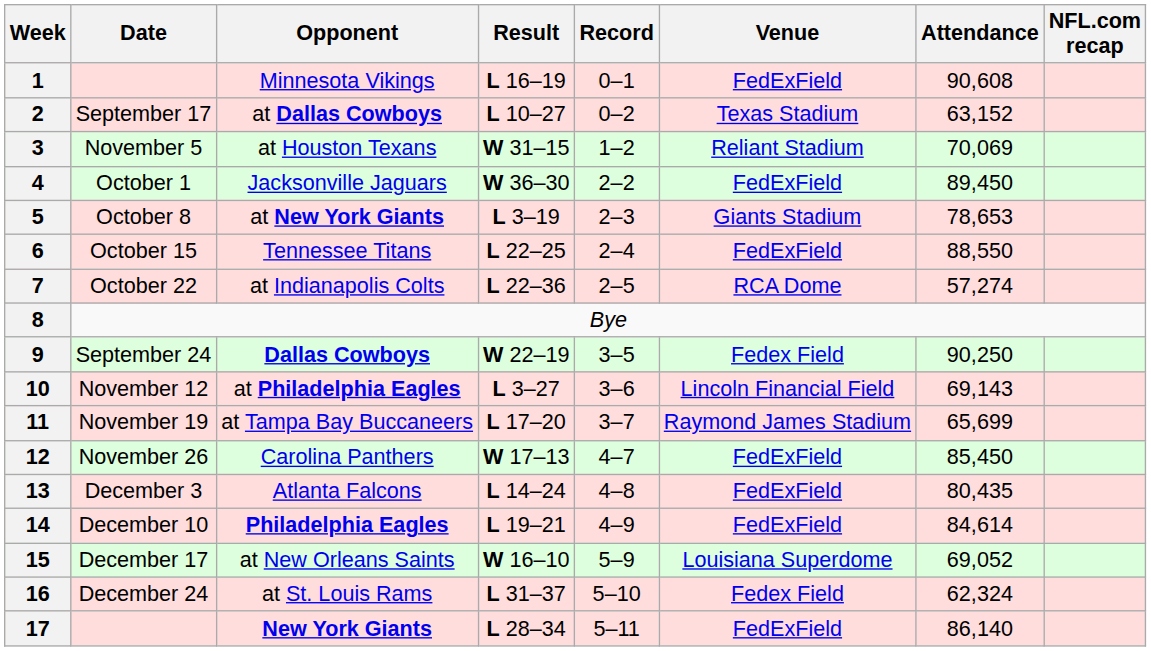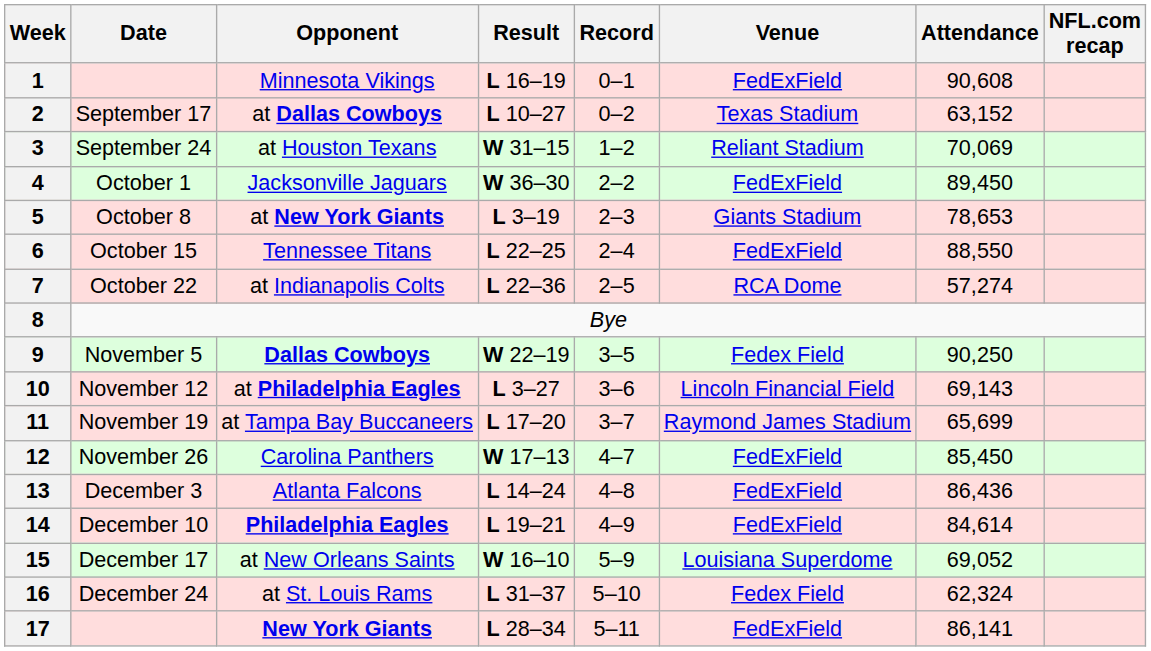 <table class="wikitable" style="text-align:center">
 <tr>
 <th>Week</th>
 <th>Date</th>
 <th>Opponent</th>
 <th>Result</th>
 <th>Record</th>
 <th>Venue</th>
 <th>Attendance</th>
 <th>NFL.com<br>recap</th>
 </tr>
 <tr style="background:#ffdddd">
 <th>1</th>
 <td></td>
 <td><a href='#'>Minnesota Vikings</a></td>
 <td><strong>L</strong> 16–19</td>
 <td>0–1</td>
 <td><a href='#'>FedExField</a></td>
 <td>90,608</td>
 <td></td>
 </tr>
 <tr style="background:#ffdddd">
 <th>2</th>
 <td>September 17</td>
 <td>at <strong><a href='#'>Dallas Cowboys</a></strong></td>
 <td><strong>L</strong> 10–27</td>
 <td>0–2</td>
 <td><a href='#'>Texas Stadium</a></td>
 <td>63,152</td>
 <td></td>
 </tr>
 <tr style="background:#ddffdd">
 <th>3</th>
-<td>November 5</td>
+<td>September 24</td>
 <td>at <a href='#'>Houston Texans</a></td>
 <td><strong>W</strong> 31–15</td>
 <td>1–2</td>
 <td><a href='#'>Reliant Stadium</a></td>
 <td>70,069</td>
 <td></td>
 </tr>
 <tr style="background:#ddffdd">
 <th>4</th>
 <td>October 1</td>
 <td><a href='#'>Jacksonville Jaguars</a></td>
 <td><strong>W</strong> 36–30 </td>
 <td>2–2</td>
 <td><a href='#'>FedExField</a></td>
 <td>89,450</td>
 <td></td>
 </tr>
 <tr style="background:#ffdddd">
 <th>5</th>
 <td>October 8</td>
 <td>at <strong><a href='#'>New York Giants</a></strong></td>
 <td><strong>L</strong> 3–19</td>
 <td>2–3</td>
 <td><a href='#'>Giants Stadium</a></td>
 <td>78,653</td>
 <td></td>
 </tr>
 <tr style="background:#ffdddd">
 <th>6</th>
 <td>October 15</td>
 <td><a href='#'>Tennessee Titans</a></td>
 <td><strong>L</strong> 22–25</td>
 <td>2–4</td>
 <td><a href='#'>FedExField</a></td>
 <td>88,550</td>
 <td></td>
 </tr>
 <tr style="background:#ffdddd">
 <th>7</th>
 <td>October 22</td>
 <td>at <a href='#'>Indianapolis Colts</a></td>
 <td><strong>L</strong> 22–36</td>
 <td>2–5</td>
 <td><a href='#'>RCA Dome</a></td>
 <td>57,274</td>
 <td></td>
 </tr>
 <tr>
 <th>8</th>
 <td colspan="7"><em>Bye</em></td>
 </tr>
 <tr style="background:#ddffdd">
 <th>9</th>
-<td>September 24</td>
+<td>November 5</td>
 <td><strong><a href='#'>Dallas Cowboys</a></strong></td>
 <td><strong>W</strong> 22–19</td>
 <td>3–5</td>
 <td><a href='#'>Fedex Field</a></td>
 <td>90,250</td>
 <td></td>
 </tr>
 <tr style="background:#ffdddd">
 <th>10</th>
 <td>November 12</td>
 <td>at <strong><a href='#'>Philadelphia Eagles</a></strong></td>
 <td><strong>L</strong> 3–27</td>
 <td>3–6</td>
 <td><a href='#'>Lincoln Financial Field</a></td>
 <td>69,143</td>
 <td></td>
 </tr>
 <tr style="background:#ffdddd">
 <th>11</th>
 <td>November 19</td>
 <td>at <a href='#'>Tampa Bay Buccaneers</a></td>
 <td><strong>L</strong> 17–20</td>
 <td>3–7</td>
 <td><a href='#'>Raymond James Stadium</a></td>
 <td>65,699</td>
 <td></td>
 </tr>
 <tr style="background:#ddffdd">
 <th>12</th>
 <td>November 26</td>
 <td><a href='#'>Carolina Panthers</a></td>
 <td><strong>W</strong> 17–13</td>
 <td>4–7</td>
 <td><a href='#'>FedExField</a></td>
 <td>85,450</td>
 <td></td>
 </tr>
 <tr style="background:#ffdddd">
 <th>13</th>
 <td>December 3</td>
 <td><a href='#'>Atlanta Falcons</a></td>
 <td><strong>L</strong> 14–24</td>
 <td>4–8</td>
 <td><a href='#'>FedExField</a></td>
-<td>80,435</td>
+<td>86,436</td>
 <td></td>
 </tr>
 <tr style="background:#ffdddd">
 <th>14</th>
 <td>December 10</td>
 <td><strong><a href='#'>Philadelphia Eagles</a></strong></td>
 <td><strong>L</strong> 19–21</td>
 <td>4–9</td>
 <td><a href='#'>FedExField</a></td>
 <td>84,614</td>
 <td></td>
 </tr>
 <tr style="background:#ddffdd">
 <th>15</th>
 <td>December 17</td>
 <td>at <a href='#'>New Orleans Saints</a></td>
 <td><strong>W</strong> 16–10</td>
 <td>5–9</td>
 <td><a href='#'>Louisiana Superdome</a></td>
 <td>69,052</td>
 <td></td>
 </tr>
 <tr style="background:#ffdddd">
 <th>16</th>
 <td>December 24</td>
 <td>at <a href='#'>St. Louis Rams</a></td>
 <td><strong>L</strong> 31–37 </td>
 <td>5–10</td>
 <td><a href='#'>Fedex Field</a></td>
 <td>62,324</td>
 <td></td>
 </tr>
 <tr style="background:#ffdddd">
 <th>17</th>
 <td></td>
 <td><strong><a href='#'>New York Giants</a></strong></td>
 <td><strong>L</strong> 28–34</td>
 <td>5–11</td>
 <td><a href='#'>FedExField</a></td>
-<td>86,140</td>
+<td>86,141</td>
 <td></td>
 </tr>
 </table>
